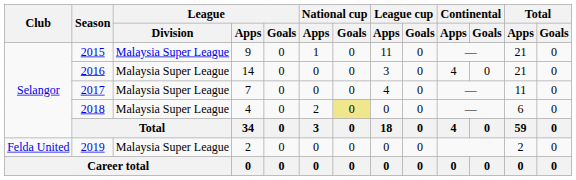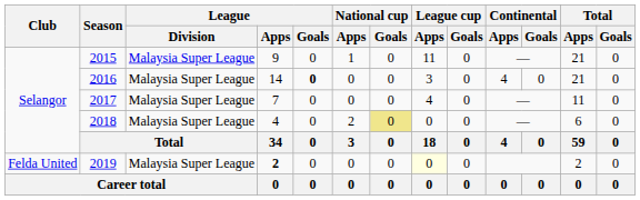 <table class="wikitable" style="text-align:center">
 <tr>
 <th rowspan="2">Club</th>
 <th rowspan="2">Season</th>
 <th colspan="3">League</th>
 <th colspan="2">National cup</th>
 <th colspan="2">League cup</th>
 <th colspan="2">Continental</th>
 <th colspan="2">Total</th>
 </tr>
 <tr>
 <th>Division</th>
 <th>Apps</th>
 <th>Goals</th>
 <th>Apps</th>
 <th>Goals</th>
 <th>Apps</th>
 <th>Goals</th>
 <th>Apps</th>
 <th>Goals</th>
 <th>Apps</th>
 <th>Goals</th>
 </tr>
 <tr>
 <td rowspan="5"><a href='#'>Selangor</a></td>
 <td><a href='#'>2015</a></td>
 <td><a href='#'>Malaysia Super League</a></td>
 <td>9</td>
 <td>0</td>
 <td>1</td>
 <td>0</td>
 <td>11</td>
 <td>0</td>
 <td colspan="2">—</td>
 <td>21</td>
 <td>0</td>
 </tr>
 <tr>
 <td><a href='#'>2016</a></td>
 <td>Malaysia Super League</td>
 <td>14</td>
-<td>0</td>
+<td><strong>0</strong></td>
 <td>0</td>
 <td>0</td>
 <td>3</td>
 <td>0</td>
 <td>4</td>
 <td>0</td>
 <td>21</td>
 <td>0</td>
 </tr>
 <tr>
 <td><a href='#'>2017</a></td>
 <td>Malaysia Super League</td>
 <td>7</td>
 <td>0</td>
 <td>0</td>
 <td>0</td>
 <td>4</td>
 <td>0</td>
 <td colspan="2">—</td>
 <td>11</td>
 <td>0</td>
 </tr>
 <tr>
 <td><a href='#'>2018</a></td>
 <td>Malaysia Super League</td>
 <td>4</td>
 <td>0</td>
 <td>2</td>
 <td style="background: khaki;">0</td>
 <td>0</td>
 <td>0</td>
 <td colspan="2">—</td>
 <td>6</td>
 <td>0</td>
 </tr>
 <tr>
 <th colspan="2">Total</th>
 <th>34</th>
 <th>0</th>
 <th>3</th>
 <th>0</th>
 <th>18</th>
 <th>0</th>
 <th>4</th>
 <th>0</th>
 <th>59</th>
 <th>0</th>
 </tr>
 <tr>
 <td><a href='#'>Felda United</a></td>
 <td><a href='#'>2019</a></td>
 <td>Malaysia Super League</td>
-<td>2</td>
+<td><strong>2</strong></td>
 <td>0</td>
 <td>0</td>
 <td>0</td>
-<td>0</td>
+<td style="background: lightyellow;">0</td>
 <td>0</td>
 <td colspan="2"></td>
 <td>2</td>
 <td>0</td>
 </tr>
 <tr>
 <th colspan="3">Career total</th>
 <th>0</th>
 <th>0</th>
 <th>0</th>
 <th>0</th>
 <th>0</th>
 <th>0</th>
 <th>0</th>
 <th>0</th>
 <th>0</th>
 <th>0</th>
 </tr>
 </table>
